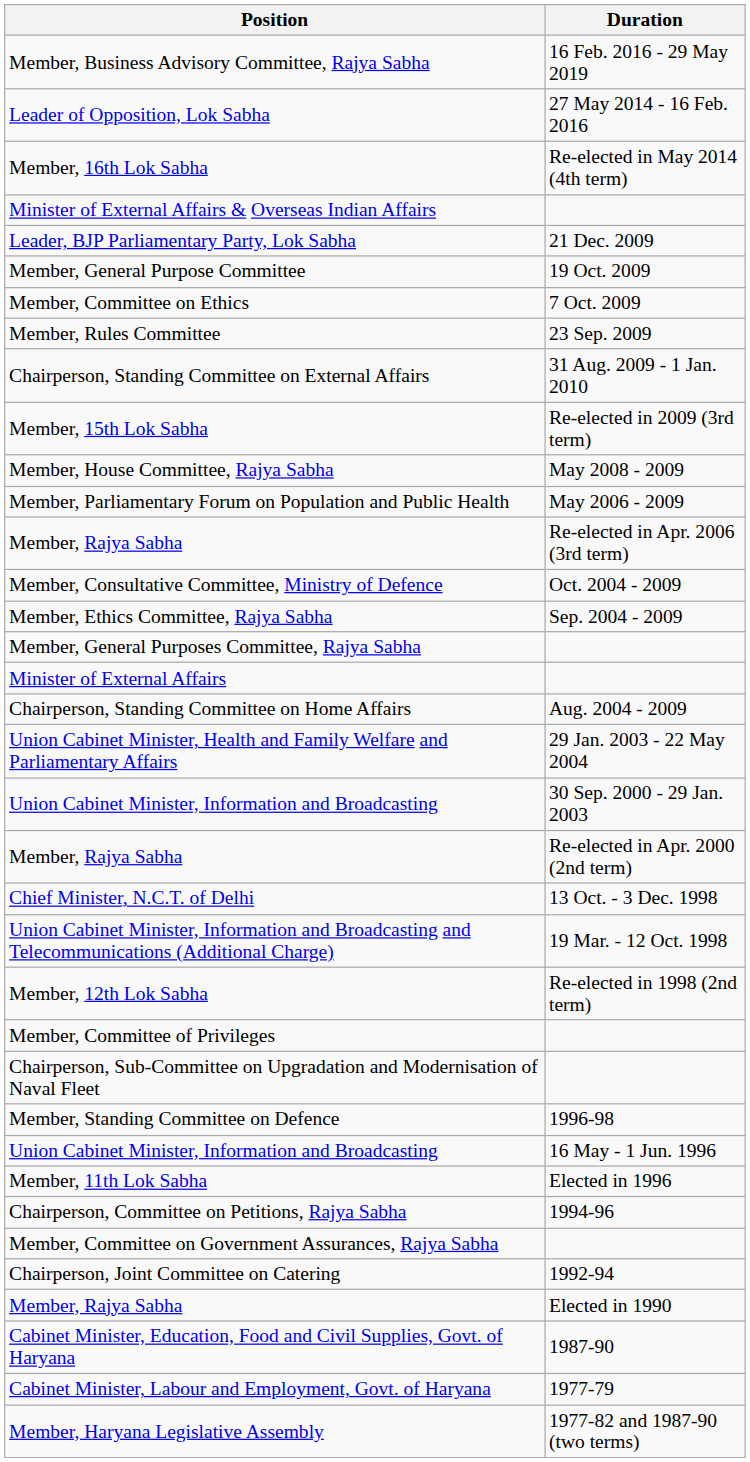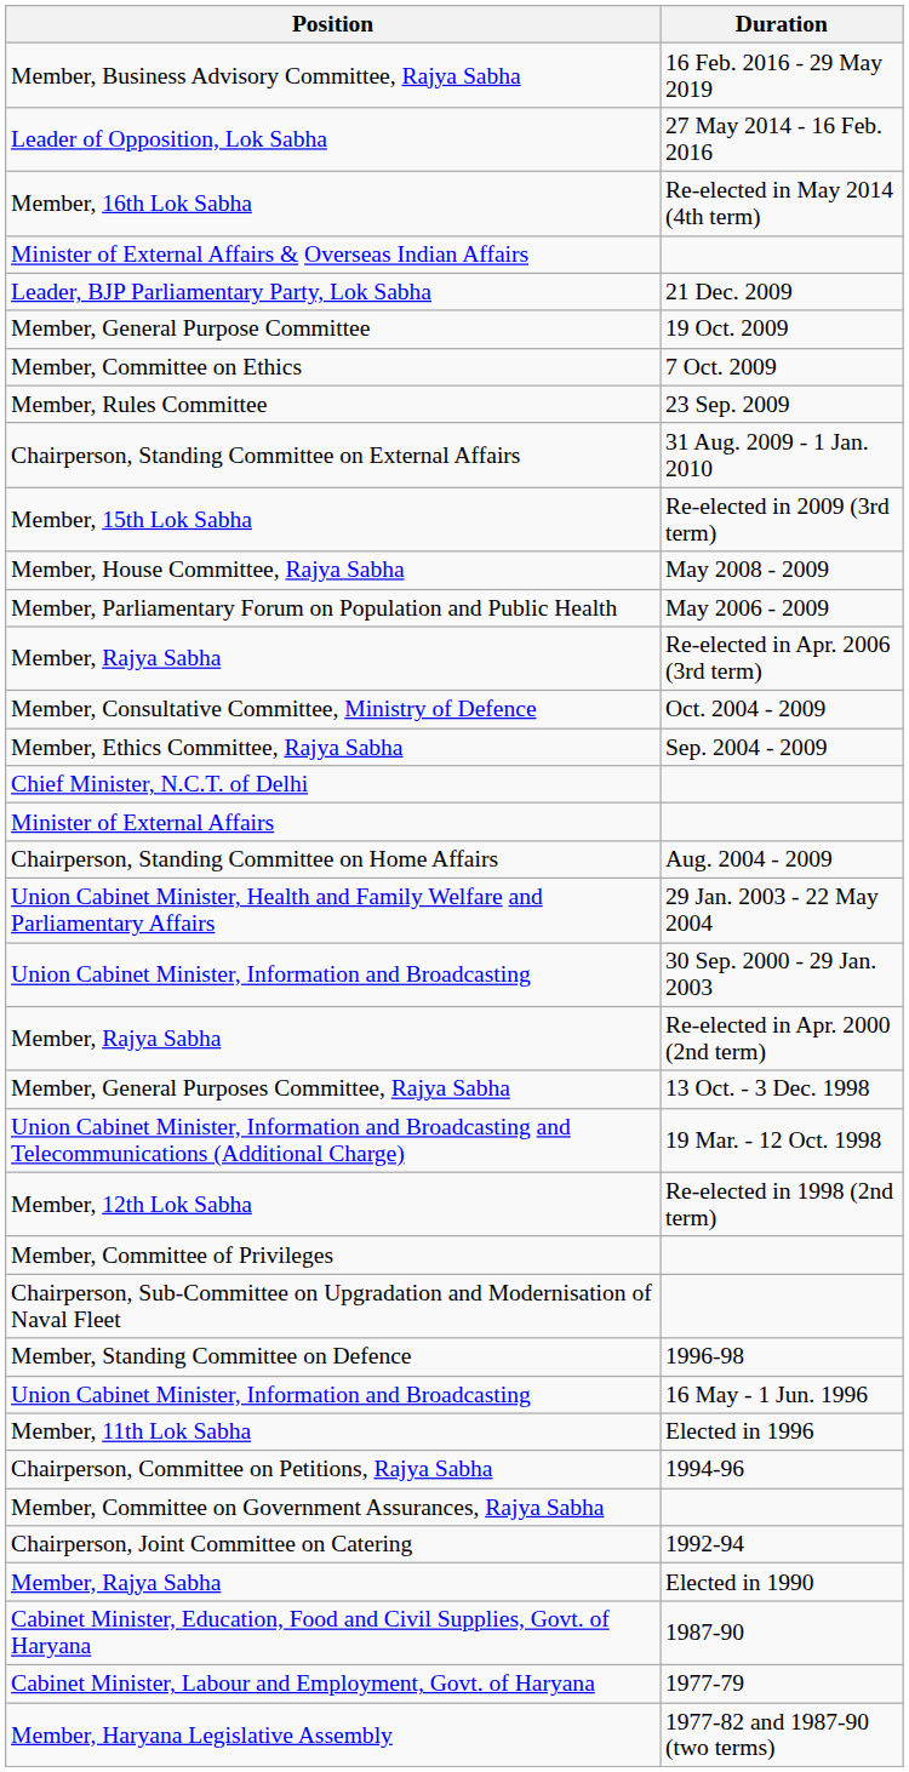 <table class="wikitable">
 <tr>
 <th>Position</th>
 <th>Duration</th>
 </tr>
 <tr>
 <td>Member, Business Advisory Committee, <a href='#'>Rajya Sabha</a></td>
 <td>16 Feb. 2016 - 29 May 2019</td>
 </tr>
 <tr>
 <td><a href='#'>Leader of Opposition, Lok Sabha</a></td>
 <td>27 May 2014 - 16 Feb. 2016</td>
 </tr>
 <tr>
 <td>Member, <a href='#'>16th Lok Sabha</a></td>
 <td>Re-elected in May 2014 (4th term)</td>
 </tr>
 <tr>
 <td><a href='#'>Minister of External Affairs &</a> <a href='#'>Overseas Indian Affairs</a></td>
 <td></td>
 </tr>
 <tr>
 <td><a href='#'>Leader, BJP Parliamentary Party, Lok Sabha</a></td>
 <td>21 Dec. 2009</td>
 </tr>
 <tr>
 <td>Member, General Purpose Committee</td>
 <td>19 Oct. 2009</td>
 </tr>
 <tr>
 <td>Member, Committee on Ethics</td>
 <td>7 Oct. 2009</td>
 </tr>
 <tr>
 <td>Member, Rules Committee</td>
 <td>23 Sep. 2009</td>
 </tr>
 <tr>
 <td>Chairperson, Standing Committee on External Affairs</td>
 <td>31 Aug. 2009 - 1 Jan. 2010</td>
 </tr>
 <tr>
 <td>Member, <a href='#'>15th Lok Sabha</a></td>
 <td>Re-elected in 2009 (3rd term)</td>
 </tr>
 <tr>
 <td>Member, House Committee, <a href='#'>Rajya Sabha</a></td>
 <td>May 2008 - 2009</td>
 </tr>
 <tr>
 <td>Member, Parliamentary Forum on Population and Public Health</td>
 <td>May 2006 - 2009</td>
 </tr>
 <tr>
 <td>Member, <a href='#'>Rajya Sabha</a></td>
 <td>Re-elected in Apr. 2006 (3rd term)</td>
 </tr>
 <tr>
 <td>Member, Consultative Committee, <a href='#'>Ministry of Defence</a></td>
 <td>Oct. 2004 - 2009</td>
 </tr>
 <tr>
 <td>Member, Ethics Committee, <a href='#'>Rajya Sabha</a></td>
 <td>Sep. 2004 - 2009</td>
 </tr>
 <tr>
-<td>Member, General Purposes Committee, <a href='#'>Rajya Sabha</a></td>
+<td><a href='#'>Chief Minister, N.C.T. of Delhi</a></td>
 <td></td>
 </tr>
 <tr>
 <td><a href='#'>Minister of External Affairs</a></td>
 <td></td>
 </tr>
 <tr>
 <td>Chairperson, Standing Committee on Home Affairs</td>
 <td>Aug. 2004 - 2009</td>
 </tr>
 <tr>
 <td><a href='#'>Union Cabinet Minister, Health and Family Welfare</a> <a href='#'>and Parliamentary Affairs</a></td>
 <td>29 Jan. 2003 - 22 May 2004</td>
 </tr>
 <tr>
 <td><a href='#'>Union Cabinet Minister, Information and Broadcasting</a></td>
 <td>30 Sep. 2000 - 29 Jan. 2003</td>
 </tr>
 <tr>
 <td>Member, <a href='#'>Rajya Sabha</a></td>
 <td>Re-elected in Apr. 2000 (2nd term)</td>
 </tr>
 <tr>
-<td><a href='#'>Chief Minister, N.C.T. of Delhi</a></td>
+<td>Member, General Purposes Committee, <a href='#'>Rajya Sabha</a></td>
 <td>13 Oct. - 3 Dec. 1998</td>
 </tr>
 <tr>
 <td><a href='#'>Union Cabinet Minister, Information and Broadcasting</a> <a href='#'>and Telecommunications (Additional Charge)</a></td>
 <td>19 Mar. - 12 Oct. 1998</td>
 </tr>
 <tr>
 <td>Member, <a href='#'>12th Lok Sabha</a></td>
 <td>Re-elected in 1998 (2nd term)</td>
 </tr>
 <tr>
 <td>Member, Committee of Privileges</td>
 <td></td>
 </tr>
 <tr>
 <td>Chairperson, Sub-Committee on Upgradation and Modernisation of Naval Fleet</td>
 <td></td>
 </tr>
 <tr>
 <td>Member, Standing Committee on Defence</td>
 <td>1996-98</td>
 </tr>
 <tr>
 <td><a href='#'>Union Cabinet Minister, Information and Broadcasting</a></td>
 <td>16 May - 1 Jun. 1996</td>
 </tr>
 <tr>
 <td>Member, <a href='#'>11th Lok Sabha</a></td>
 <td>Elected in 1996</td>
 </tr>
 <tr>
 <td>Chairperson, Committee on Petitions, <a href='#'>Rajya Sabha</a></td>
 <td>1994-96</td>
 </tr>
 <tr>
 <td>Member, Committee on Government Assurances, <a href='#'>Rajya Sabha</a></td>
 <td></td>
 </tr>
 <tr>
 <td>Chairperson, Joint Committee on Catering</td>
 <td>1992-94</td>
 </tr>
 <tr>
 <td><a href='#'>Member, Rajya Sabha</a></td>
 <td>Elected in 1990</td>
 </tr>
 <tr>
 <td><a href='#'>Cabinet Minister, Education, Food and Civil Supplies, Govt. of Haryana</a></td>
 <td>1987-90</td>
 </tr>
 <tr>
 <td><a href='#'>Cabinet Minister, Labour and Employment, Govt. of Haryana</a></td>
 <td>1977-79</td>
 </tr>
 <tr>
 <td><a href='#'>Member, Haryana Legislative Assembly</a></td>
 <td>1977-82 and 1987-90 (two terms)</td>
 </tr>
 </table>
